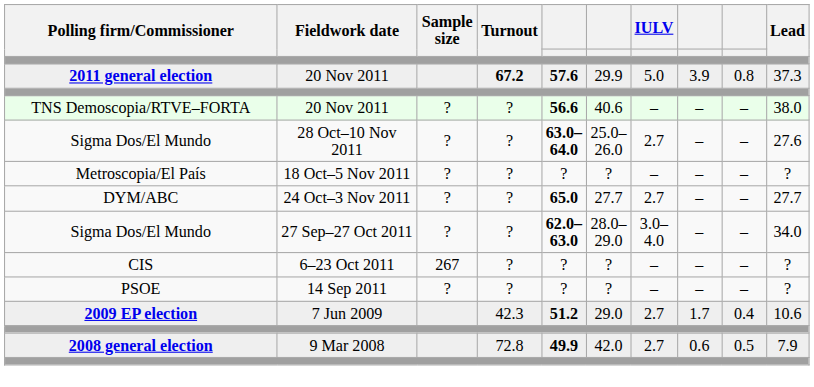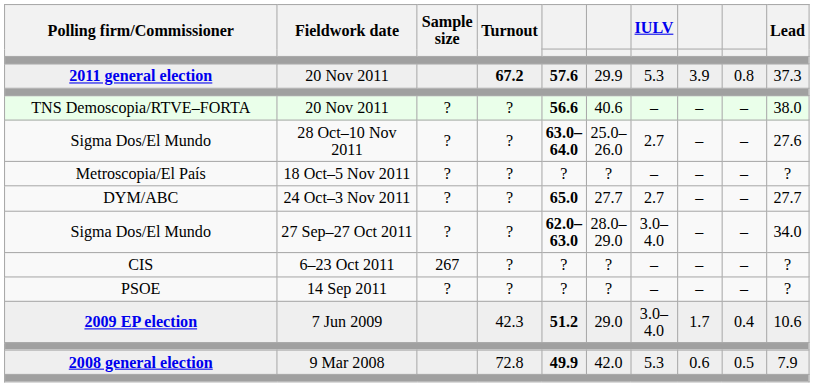 <table class="wikitable collapsible collapsed" style="text-align:center; font-size:95%; line-height:16px;">
 <tr style="height:42px;">
 <th style="width:250px;" rowspan="2">Polling firm/Commissioner</th>
 <th style="width:125px;" rowspan="2">Fieldwork date</th>
 <th style="width:50px;" rowspan="2">Sample size</th>
 <th style="width:45px;" rowspan="2">Turnout</th>
 <th style="width:35px;"></th>
 <th style="width:35px;"></th>
 <th style="width:35px;"><a href='#'>IULV</a></th>
 <th style="width:35px;"></th>
 <th style="width:35px;"></th>
 <th style="width:30px;" rowspan="2">Lead</th>
 </tr>
 <tr>
 <th style="color:inherit;background:"></th>
 <th style="color:inherit;background:"></th>
 <th style="color:inherit;background:"></th>
 <th style="color:inherit;background:"></th>
 <th style="color:inherit;background:"></th>
 </tr>
 <tr>
 <td colspan="10" style="background:#A0A0A0"></td>
 </tr>
 <tr style="background:#EFEFEF;">
 <td><strong><a href='#'>2011 general election</a></strong></td>
 <td>20 Nov 2011</td>
 <td></td>
 <td><strong>67.2</strong></td>
 <td><strong>57.6</strong><br></td>
 <td>29.9<br></td>
-<td>5.0<br></td>
+<td>5.3<br></td>
 <td>3.9<br></td>
 <td>0.8<br></td>
 <td style="background:">37.3</td>
 </tr>
 <tr>
 <td colspan="10" style="background:#A0A0A0"></td>
 </tr>
 <tr style="background:#EAFFEA;">
 <td>TNS Demoscopia/RTVE–FORTA</td>
 <td>20 Nov 2011</td>
 <td>?</td>
 <td>?</td>
 <td><strong>56.6</strong><br></td>
 <td>40.6<br></td>
 <td>–</td>
 <td>–</td>
 <td>–</td>
 <td style="background:">38.0</td>
 </tr>
 <tr>
 <td>Sigma Dos/El Mundo</td>
 <td>28 Oct–10 Nov 2011</td>
 <td>?</td>
 <td>?</td>
 <td><strong>63.0–<br>64.0</strong><br></td>
 <td>25.0–<br>26.0<br></td>
 <td>2.7<br></td>
 <td>–</td>
 <td>–</td>
 <td style="background:">27.6</td>
 </tr>
 <tr>
 <td>Metroscopia/El País</td>
 <td>18 Oct–5 Nov 2011</td>
 <td>?</td>
 <td>?</td>
 <td>?<br></td>
 <td>?<br></td>
 <td>–</td>
 <td>–</td>
 <td>–</td>
 <td style="background:">?</td>
 </tr>
 <tr>
 <td>DYM/ABC</td>
 <td>24 Oct–3 Nov 2011</td>
 <td>?</td>
 <td>?</td>
 <td><strong>65.0</strong><br></td>
 <td>27.7<br></td>
 <td>2.7<br></td>
 <td>–</td>
 <td>–</td>
 <td style="background:">27.7</td>
 </tr>
 <tr>
 <td>Sigma Dos/El Mundo</td>
 <td>27 Sep–27 Oct 2011</td>
 <td>?</td>
 <td>?</td>
 <td><strong>62.0–<br>63.0</strong><br></td>
 <td>28.0–<br>29.0<br></td>
 <td>3.0–<br>4.0<br></td>
 <td>–</td>
 <td>–</td>
 <td style="background:">34.0</td>
 </tr>
 <tr>
 <td>CIS</td>
 <td>6–23 Oct 2011</td>
 <td>267</td>
 <td>?</td>
 <td>?<br></td>
 <td>?<br></td>
 <td>–</td>
 <td>–</td>
 <td>–</td>
 <td style="background:">?</td>
 </tr>
 <tr>
 <td>PSOE</td>
 <td>14 Sep 2011</td>
 <td>?</td>
 <td>?</td>
 <td>?<br></td>
 <td>?<br></td>
 <td>–</td>
 <td>–</td>
 <td>–</td>
 <td style="background:">?</td>
 </tr>
 <tr style="background:#EFEFEF;">
 <td><strong><a href='#'>2009 EP election</a></strong></td>
 <td>7 Jun 2009</td>
 <td></td>
 <td>42.3</td>
 <td><strong>51.2</strong><br></td>
 <td>29.0<br></td>
-<td>2.7<br></td>
+<td>3.0–<br>4.0<br></td>
 <td>1.7<br></td>
 <td>0.4<br></td>
 <td style="background:">10.6</td>
 </tr>
 <tr>
 <td colspan="10" style="background:#A0A0A0"></td>
 </tr>
 <tr style="background:#EFEFEF;">
 <td><strong><a href='#'>2008 general election</a></strong></td>
 <td>9 Mar 2008</td>
 <td></td>
 <td>72.8</td>
 <td><strong>49.9</strong><br></td>
 <td>42.0<br></td>
-<td>2.7<br></td>
+<td>5.3<br></td>
 <td>0.6<br></td>
 <td>0.5<br></td>
 <td style="background:">7.9</td>
 </tr>
 <tr>
 <td colspan="10" style="background:#A0A0A0"></td>
 </tr>
 </table>
